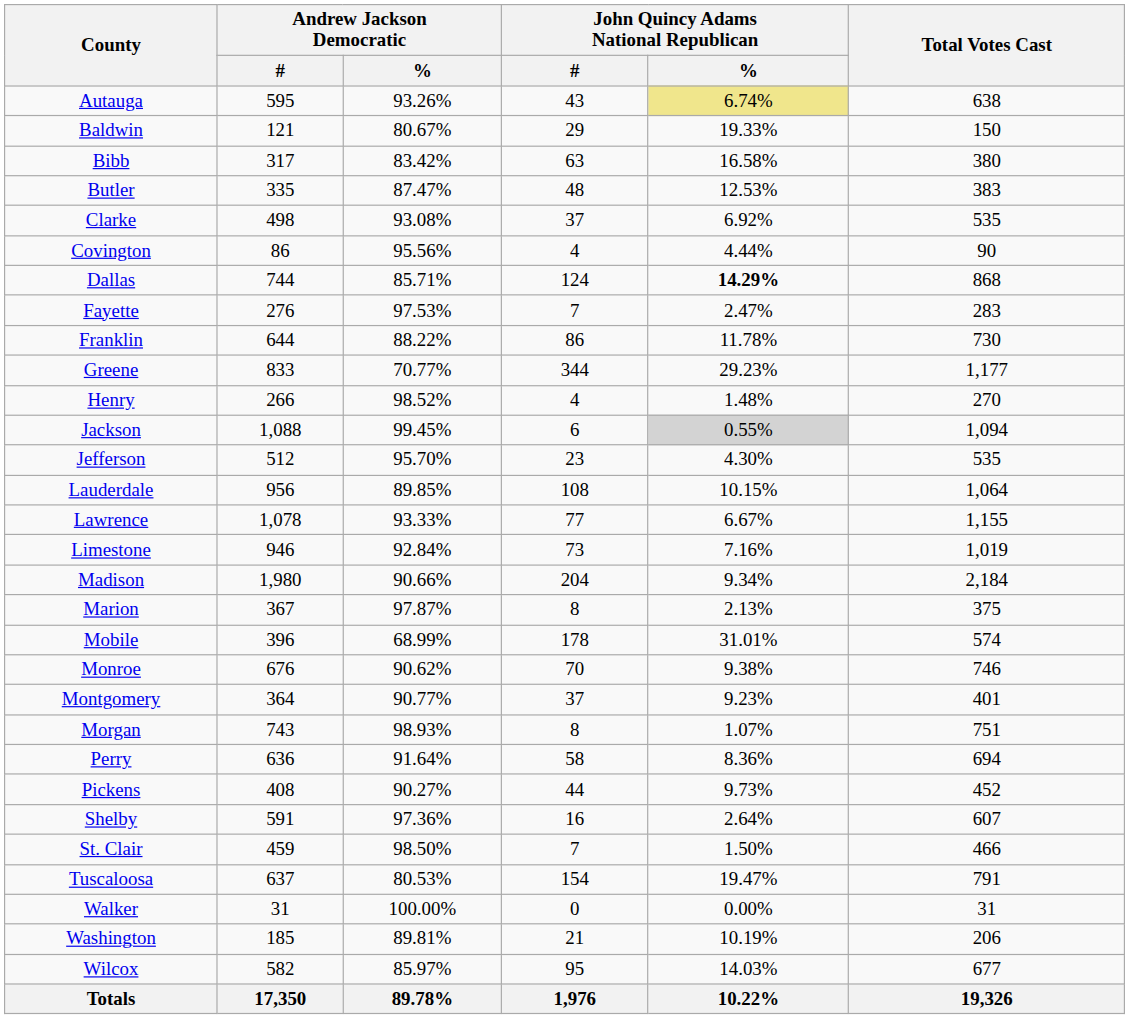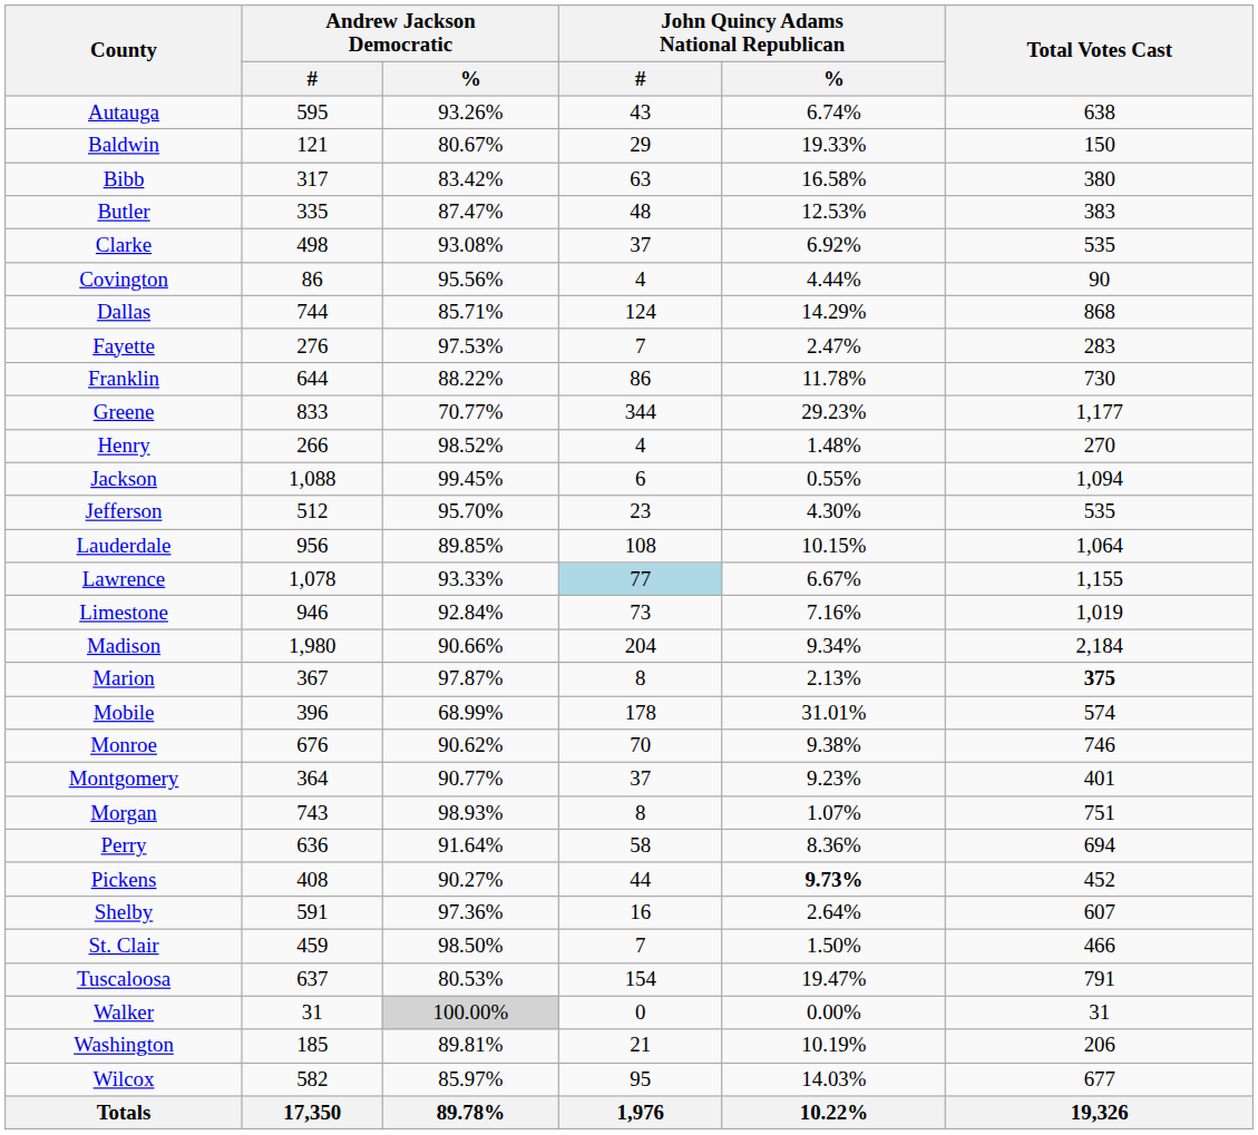 <table class="wikitable sortable" width="60%">
 <tr>
 <th rowspan="2">County</th>
 <th colspan="2">Andrew Jackson<br>Democratic</th>
 <th colspan="2">John Quincy Adams<br>National Republican</th>
 <th rowspan="2">Total Votes Cast</th>
 </tr>
 <tr>
 <th data-sort-type="number" style="text-align:center;">#</th>
 <th data-sort-type="number" style="text-align:center;">%</th>
 <th data-sort-type="number" style="text-align:center;">#</th>
 <th data-sort-type="number" style="text-align:center;">%</th>
 </tr>
 <tr style="text-align:center;">
 <td><a href='#'>Autauga</a></td>
 <td>595</td>
 <td>93.26%</td>
 <td>43</td>
-<td style="background: khaki;">6.74%</td>
+<td>6.74%</td>
 <td>638</td>
 </tr>
 <tr style="text-align:center;">
 <td><a href='#'>Baldwin</a></td>
 <td>121</td>
 <td>80.67%</td>
 <td>29</td>
 <td>19.33%</td>
 <td>150</td>
 </tr>
 <tr style="text-align:center;">
 <td><a href='#'>Bibb</a></td>
 <td>317</td>
 <td>83.42%</td>
 <td>63</td>
 <td>16.58%</td>
 <td>380</td>
 </tr>
 <tr style="text-align:center;">
 <td><a href='#'>Butler</a></td>
 <td>335</td>
 <td>87.47%</td>
 <td>48</td>
 <td>12.53%</td>
 <td>383</td>
 </tr>
 <tr style="text-align:center;">
 <td><a href='#'>Clarke</a></td>
 <td>498</td>
 <td>93.08%</td>
 <td>37</td>
 <td>6.92%</td>
 <td>535</td>
 </tr>
 <tr style="text-align:center;">
 <td><a href='#'>Covington</a></td>
 <td>86</td>
 <td>95.56%</td>
 <td>4</td>
 <td>4.44%</td>
 <td>90</td>
 </tr>
 <tr style="text-align:center;">
 <td><a href='#'>Dallas</a></td>
 <td>744</td>
 <td>85.71%</td>
 <td>124</td>
-<td><strong>14.29%</strong></td>
+<td>14.29%</td>
 <td>868</td>
 </tr>
 <tr style="text-align:center;">
 <td><a href='#'>Fayette</a></td>
 <td>276</td>
 <td>97.53%</td>
 <td>7</td>
 <td>2.47%</td>
 <td>283</td>
 </tr>
 <tr style="text-align:center;">
 <td><a href='#'>Franklin</a></td>
 <td>644</td>
 <td>88.22%</td>
 <td>86</td>
 <td>11.78%</td>
 <td>730</td>
 </tr>
 <tr style="text-align:center;">
 <td><a href='#'>Greene</a></td>
 <td>833</td>
 <td>70.77%</td>
 <td>344</td>
 <td>29.23%</td>
 <td>1,177</td>
 </tr>
 <tr style="text-align:center;">
 <td><a href='#'>Henry</a></td>
 <td>266</td>
 <td>98.52%</td>
 <td>4</td>
 <td>1.48%</td>
 <td>270</td>
 </tr>
 <tr style="text-align:center;">
 <td><a href='#'>Jackson</a></td>
 <td>1,088</td>
 <td>99.45%</td>
 <td>6</td>
-<td style="background: lightgrey;">0.55%</td>
+<td>0.55%</td>
 <td>1,094</td>
 </tr>
 <tr style="text-align:center;">
 <td><a href='#'>Jefferson</a></td>
 <td>512</td>
 <td>95.70%</td>
 <td>23</td>
 <td>4.30%</td>
 <td>535</td>
 </tr>
 <tr style="text-align:center;">
 <td><a href='#'>Lauderdale</a></td>
 <td>956</td>
 <td>89.85%</td>
 <td>108</td>
 <td>10.15%</td>
 <td>1,064</td>
 </tr>
 <tr style="text-align:center;">
 <td><a href='#'>Lawrence</a></td>
 <td>1,078</td>
 <td>93.33%</td>
-<td>77</td>
+<td style="background: lightblue;">77</td>
 <td>6.67%</td>
 <td>1,155</td>
 </tr>
 <tr style="text-align:center;">
 <td><a href='#'>Limestone</a></td>
 <td>946</td>
 <td>92.84%</td>
 <td>73</td>
 <td>7.16%</td>
 <td>1,019</td>
 </tr>
 <tr style="text-align:center;">
 <td><a href='#'>Madison</a></td>
 <td>1,980</td>
 <td>90.66%</td>
 <td>204</td>
 <td>9.34%</td>
 <td>2,184</td>
 </tr>
 <tr style="text-align:center;">
 <td><a href='#'>Marion</a></td>
 <td>367</td>
 <td>97.87%</td>
 <td>8</td>
 <td>2.13%</td>
-<td>375</td>
+<td><strong>375</strong></td>
 </tr>
 <tr style="text-align:center;">
 <td><a href='#'>Mobile</a></td>
 <td>396</td>
 <td>68.99%</td>
 <td>178</td>
 <td>31.01%</td>
 <td>574</td>
 </tr>
 <tr style="text-align:center;">
 <td><a href='#'>Monroe</a></td>
 <td>676</td>
 <td>90.62%</td>
 <td>70</td>
 <td>9.38%</td>
 <td>746</td>
 </tr>
 <tr style="text-align:center;">
 <td><a href='#'>Montgomery</a></td>
 <td>364</td>
 <td>90.77%</td>
 <td>37</td>
 <td>9.23%</td>
 <td>401</td>
 </tr>
 <tr style="text-align:center;">
 <td><a href='#'>Morgan</a></td>
 <td>743</td>
 <td>98.93%</td>
 <td>8</td>
 <td>1.07%</td>
 <td>751</td>
 </tr>
 <tr style="text-align:center;">
 <td><a href='#'>Perry</a></td>
 <td>636</td>
 <td>91.64%</td>
 <td>58</td>
 <td>8.36%</td>
 <td>694</td>
 </tr>
 <tr style="text-align:center;">
 <td><a href='#'>Pickens</a></td>
 <td>408</td>
 <td>90.27%</td>
 <td>44</td>
-<td>9.73%</td>
+<td><strong>9.73%</strong></td>
 <td>452</td>
 </tr>
 <tr style="text-align:center;">
 <td><a href='#'>Shelby</a></td>
 <td>591</td>
 <td>97.36%</td>
 <td>16</td>
 <td>2.64%</td>
 <td>607</td>
 </tr>
 <tr style="text-align:center;">
 <td><a href='#'>St. Clair</a></td>
 <td>459</td>
 <td>98.50%</td>
 <td>7</td>
 <td>1.50%</td>
 <td>466</td>
 </tr>
 <tr style="text-align:center;">
 <td><a href='#'>Tuscaloosa</a></td>
 <td>637</td>
 <td>80.53%</td>
 <td>154</td>
 <td>19.47%</td>
 <td>791</td>
 </tr>
 <tr style="text-align:center;">
 <td><a href='#'>Walker</a></td>
 <td>31</td>
-<td>100.00%</td>
+<td style="background: lightgrey;">100.00%</td>
 <td>0</td>
 <td>0.00%</td>
 <td>31</td>
 </tr>
 <tr style="text-align:center;">
 <td><a href='#'>Washington</a></td>
 <td>185</td>
 <td>89.81%</td>
 <td>21</td>
 <td>10.19%</td>
 <td>206</td>
 </tr>
 <tr style="text-align:center;">
 <td><a href='#'>Wilcox</a></td>
 <td>582</td>
 <td>85.97%</td>
 <td>95</td>
 <td>14.03%</td>
 <td>677</td>
 </tr>
 <tr>
 <th>Totals</th>
 <th>17,350</th>
 <th>89.78%</th>
 <th>1,976</th>
 <th>10.22%</th>
 <th>19,326</th>
 </tr>
 </table>
